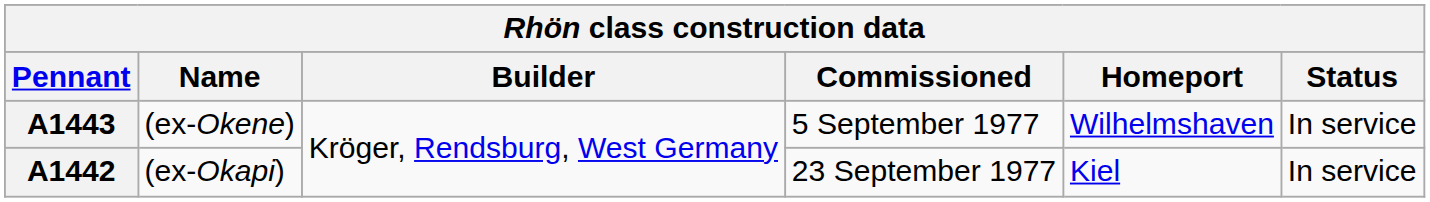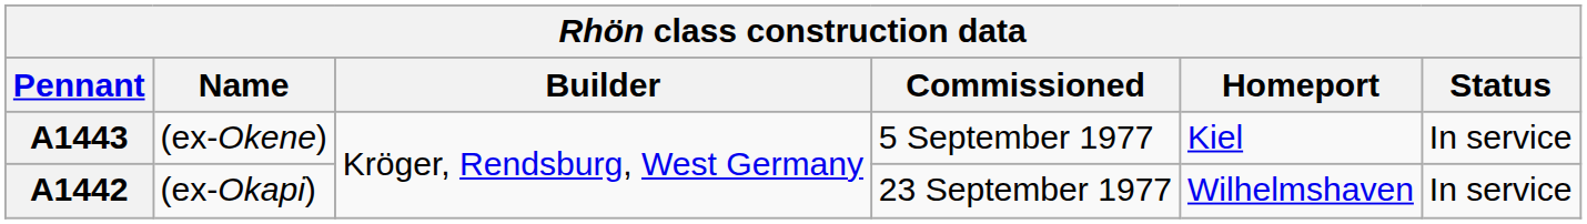 <table class="wikitable plainrowheaders">
 <tr>
 <th colspan="6" align="center"><em>Rhön</em> class construction data</th>
 </tr>
 <tr>
 <th scope="col"><a href='#'>Pennant</a></th>
 <th scope="col">Name</th>
 <th scope="col">Builder</th>
 <th scope="col">Commissioned</th>
 <th scope="col">Homeport</th>
 <th scope="col">Status</th>
 </tr>
 <tr>
 <th scope="row">A1443</th>
 <td> (ex-<em>Okene</em>)</td>
 <td rowspan=2 align=center>Kröger, <a href='#'>Rendsburg</a>, <a href='#'>West Germany</a></td>
 <td>5 September 1977</td>
-<td><a href='#'>Wilhelmshaven</a></td>
+<td><a href='#'>Kiel</a></td>
 <td>In service</td>
 </tr>
 <tr>
 <th scope="row">A1442</th>
 <td> (ex-<em>Okapi</em>)</td>
 <td>23 September 1977</td>
-<td><a href='#'>Kiel</a></td>
+<td><a href='#'>Wilhelmshaven</a></td>
 <td>In service</td>
 </tr>
 </table>
